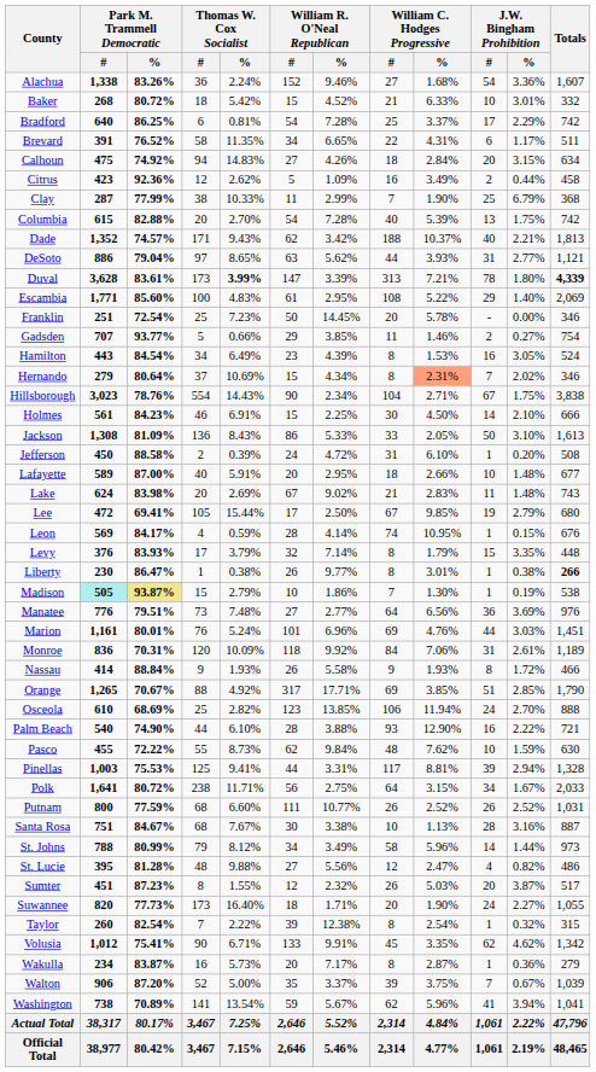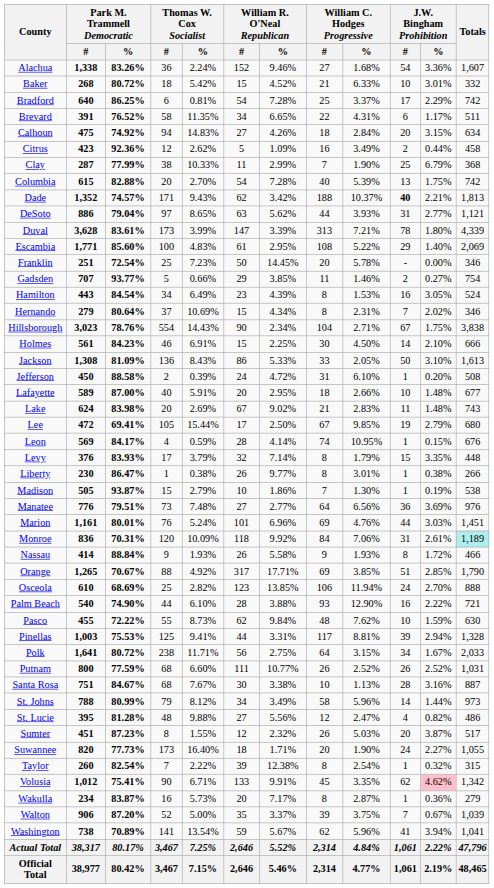 <table class="wikitable sortable" style="width:60%; text-align:center;">
 <tr>
 <th rowspan="2">County</th>
 <th colspan="2" style="text-align: center;" >Park M. Trammell <br><em>Democratic</em></th>
 <th colspan="2" style="text-align: center;" >Thomas W. Cox <br> <em>Socialist</em></th>
 <th colspan="2" style="text-align: center;" >William R. O'Neal <br> <em>Republican</em></th>
 <th colspan="2" style="text-align: center;" >William C. Hodges <br> <em>Progressive</em></th>
 <th colspan="2" style="text-align: center;" >J.W. Bingham  <br> <em>Prohibition</em></th>
 <th rowspan="2">Totals</th>
 </tr>
 <tr>
 <th colspan="1" style="text-align: center;" >#</th>
 <th colspan="1" style="text-align: center;" >%</th>
 <th colspan="1" style="text-align: center;" >#</th>
 <th colspan="1" style="text-align: center;" >%</th>
 <th colspan="1" style="text-align: center;" >#</th>
 <th colspan="1" style="text-align: center;" >%</th>
 <th colspan="1" style="text-align: center;" >#</th>
 <th colspan="1" style="text-align: center;" >%</th>
 <th colspan="1" style="text-align: center;" >#</th>
 <th colspan="1" style="text-align: center;" >%</th>
 </tr>
 <tr style="text-align:center;">
 <td><a href='#'>Alachua</a></td>
 <td><strong>1,338</strong></td>
 <td><strong>83.26%</strong></td>
 <td>36</td>
 <td>2.24%</td>
 <td>152</td>
 <td>9.46%</td>
 <td>27</td>
 <td>1.68%</td>
 <td>54</td>
 <td>3.36%</td>
 <td>1,607</td>
 </tr>
 <tr>
 <td><a href='#'>Baker</a></td>
 <td><strong>268</strong></td>
 <td><strong>80.72%</strong></td>
 <td>18</td>
 <td>5.42%</td>
 <td>15</td>
 <td>4.52%</td>
 <td>21</td>
 <td>6.33%</td>
 <td>10</td>
 <td>3.01%</td>
 <td>332</td>
 </tr>
 <tr>
 <td><a href='#'>Bradford</a></td>
 <td><strong>640</strong></td>
 <td><strong>86.25%</strong></td>
 <td>6</td>
 <td>0.81%</td>
 <td>54</td>
 <td>7.28%</td>
 <td>25</td>
 <td>3.37%</td>
 <td>17</td>
 <td>2.29%</td>
 <td>742</td>
 </tr>
 <tr>
 <td><a href='#'>Brevard</a></td>
 <td><strong>391</strong></td>
 <td><strong>76.52%</strong></td>
 <td>58</td>
 <td>11.35%</td>
 <td>34</td>
 <td>6.65%</td>
 <td>22</td>
 <td>4.31%</td>
 <td>6</td>
 <td>1.17%</td>
 <td>511</td>
 </tr>
 <tr>
 <td><a href='#'>Calhoun</a></td>
 <td><strong>475</strong></td>
 <td><strong>74.92%</strong></td>
 <td>94</td>
 <td>14.83%</td>
 <td>27</td>
 <td>4.26%</td>
 <td>18</td>
 <td>2.84%</td>
 <td>20</td>
 <td>3.15%</td>
 <td>634</td>
 </tr>
 <tr>
 <td><a href='#'>Citrus</a></td>
 <td><strong>423</strong></td>
 <td><strong>92.36%</strong></td>
 <td>12</td>
 <td>2.62%</td>
 <td>5</td>
 <td>1.09%</td>
 <td>16</td>
 <td>3.49%</td>
 <td>2</td>
 <td>0.44%</td>
 <td>458</td>
 </tr>
 <tr>
 <td><a href='#'>Clay</a></td>
 <td><strong>287</strong></td>
 <td><strong>77.99%</strong></td>
 <td>38</td>
 <td>10.33%</td>
 <td>11</td>
 <td>2.99%</td>
 <td>7</td>
 <td>1.90%</td>
 <td>25</td>
 <td>6.79%</td>
 <td>368</td>
 </tr>
 <tr>
 <td><a href='#'>Columbia</a></td>
 <td><strong>615</strong></td>
 <td><strong>82.88%</strong></td>
 <td>20</td>
 <td>2.70%</td>
 <td>54</td>
 <td>7.28%</td>
 <td>40</td>
 <td>5.39%</td>
 <td>13</td>
 <td>1.75%</td>
 <td>742</td>
 </tr>
 <tr>
 <td><a href='#'>Dade</a></td>
 <td><strong>1,352</strong></td>
 <td><strong>74.57%</strong></td>
 <td>171</td>
 <td>9.43%</td>
 <td>62</td>
 <td>3.42%</td>
 <td>188</td>
 <td>10.37%</td>
-<td>40</td>
+<td><strong>40</strong></td>
 <td>2.21%</td>
 <td>1,813</td>
 </tr>
 <tr>
 <td><a href='#'>DeSoto</a></td>
 <td><strong>886</strong></td>
 <td><strong>79.04%</strong></td>
 <td>97</td>
 <td>8.65%</td>
 <td>63</td>
 <td>5.62%</td>
 <td>44</td>
 <td>3.93%</td>
 <td>31</td>
 <td>2.77%</td>
 <td>1,121</td>
 </tr>
 <tr>
 <td><a href='#'>Duval</a></td>
 <td><strong>3,628</strong></td>
 <td><strong>83.61%</strong></td>
 <td>173</td>
-<td><strong>3.99%</strong></td>
+<td>3.99%</td>
 <td>147</td>
 <td>3.39%</td>
 <td>313</td>
 <td>7.21%</td>
 <td>78</td>
 <td>1.80%</td>
-<td><strong>4,339</strong></td>
+<td>4,339</td>
 </tr>
 <tr>
 <td><a href='#'>Escambia</a></td>
 <td><strong>1,771</strong></td>
 <td><strong>85.60%</strong></td>
 <td>100</td>
 <td>4.83%</td>
 <td>61</td>
 <td>2.95%</td>
 <td>108</td>
 <td>5.22%</td>
 <td>29</td>
 <td>1.40%</td>
 <td>2,069</td>
 </tr>
 <tr>
 <td><a href='#'>Franklin</a></td>
 <td><strong>251</strong></td>
 <td><strong>72.54%</strong></td>
 <td>25</td>
 <td>7.23%</td>
 <td>50</td>
 <td>14.45%</td>
 <td>20</td>
 <td>5.78%</td>
 <td>-</td>
 <td>0.00%</td>
 <td>346</td>
 </tr>
 <tr>
 <td><a href='#'>Gadsden</a></td>
 <td><strong>707</strong></td>
 <td><strong>93.77%</strong></td>
 <td>5</td>
 <td>0.66%</td>
 <td>29</td>
 <td>3.85%</td>
 <td>11</td>
 <td>1.46%</td>
 <td>2</td>
 <td>0.27%</td>
 <td>754</td>
 </tr>
 <tr>
 <td><a href='#'>Hamilton</a></td>
 <td><strong>443</strong></td>
 <td><strong>84.54%</strong></td>
 <td>34</td>
 <td>6.49%</td>
 <td>23</td>
 <td>4.39%</td>
 <td>8</td>
 <td>1.53%</td>
 <td>16</td>
 <td>3.05%</td>
 <td>524</td>
 </tr>
 <tr>
 <td><a href='#'>Hernando</a></td>
 <td><strong>279</strong></td>
 <td><strong>80.64%</strong></td>
 <td>37</td>
 <td>10.69%</td>
 <td>15</td>
 <td>4.34%</td>
 <td>8</td>
-<td style="background: lightsalmon;">2.31%</td>
+<td>2.31%</td>
 <td>7</td>
 <td>2.02%</td>
 <td>346</td>
 </tr>
 <tr>
 <td><a href='#'>Hillsborough</a></td>
 <td><strong>3,023</strong></td>
 <td><strong>78.76%</strong></td>
 <td>554</td>
 <td>14.43%</td>
 <td>90</td>
 <td>2.34%</td>
 <td>104</td>
 <td>2.71%</td>
 <td>67</td>
 <td>1.75%</td>
 <td>3,838</td>
 </tr>
 <tr>
 <td><a href='#'>Holmes</a></td>
 <td><strong>561</strong></td>
 <td><strong>84.23%</strong></td>
 <td>46</td>
 <td>6.91%</td>
 <td>15</td>
 <td>2.25%</td>
 <td>30</td>
 <td>4.50%</td>
 <td>14</td>
 <td>2.10%</td>
 <td>666</td>
 </tr>
 <tr>
 <td><a href='#'>Jackson</a></td>
 <td><strong>1,308</strong></td>
 <td><strong>81.09%</strong></td>
 <td>136</td>
 <td>8.43%</td>
 <td>86</td>
 <td>5.33%</td>
 <td>33</td>
 <td>2.05%</td>
 <td>50</td>
 <td>3.10%</td>
 <td>1,613</td>
 </tr>
 <tr>
 <td><a href='#'>Jefferson</a></td>
 <td><strong>450</strong></td>
 <td><strong>88.58%</strong></td>
 <td>2</td>
 <td>0.39%</td>
 <td>24</td>
 <td>4.72%</td>
 <td>31</td>
 <td>6.10%</td>
 <td>1</td>
 <td>0.20%</td>
 <td>508</td>
 </tr>
 <tr>
 <td><a href='#'>Lafayette</a></td>
 <td><strong>589</strong></td>
 <td><strong>87.00%</strong></td>
 <td>40</td>
 <td>5.91%</td>
 <td>20</td>
 <td>2.95%</td>
 <td>18</td>
 <td>2.66%</td>
 <td>10</td>
 <td>1.48%</td>
 <td>677</td>
 </tr>
 <tr>
 <td><a href='#'>Lake</a></td>
 <td><strong>624</strong></td>
 <td><strong>83.98%</strong></td>
 <td>20</td>
 <td>2.69%</td>
 <td>67</td>
 <td>9.02%</td>
 <td>21</td>
 <td>2.83%</td>
 <td>11</td>
 <td>1.48%</td>
 <td>743</td>
 </tr>
 <tr>
 <td><a href='#'>Lee</a></td>
 <td><strong>472</strong></td>
 <td><strong>69.41%</strong></td>
 <td>105</td>
 <td>15.44%</td>
 <td>17</td>
 <td>2.50%</td>
 <td>67</td>
 <td>9.85%</td>
 <td>19</td>
 <td>2.79%</td>
 <td>680</td>
 </tr>
 <tr>
 <td><a href='#'>Leon</a></td>
 <td><strong>569</strong></td>
 <td><strong>84.17%</strong></td>
 <td>4</td>
 <td>0.59%</td>
 <td>28</td>
 <td>4.14%</td>
 <td>74</td>
 <td>10.95%</td>
 <td>1</td>
 <td>0.15%</td>
 <td>676</td>
 </tr>
 <tr>
 <td><a href='#'>Levy</a></td>
 <td><strong>376</strong></td>
 <td><strong>83.93%</strong></td>
 <td>17</td>
 <td>3.79%</td>
 <td>32</td>
 <td>7.14%</td>
 <td>8</td>
 <td>1.79%</td>
 <td>15</td>
 <td>3.35%</td>
 <td>448</td>
 </tr>
 <tr>
 <td><a href='#'>Liberty</a></td>
 <td><strong>230</strong></td>
 <td><strong>86.47%</strong></td>
 <td>1</td>
 <td>0.38%</td>
 <td>26</td>
 <td>9.77%</td>
 <td>8</td>
 <td>3.01%</td>
 <td>1</td>
 <td>0.38%</td>
-<td><strong>266</strong></td>
+<td>266</td>
 </tr>
 <tr>
 <td><a href='#'>Madison</a></td>
-<td style="background: paleturquoise;"><strong>505</strong></td>
-<td style="background: khaki;"><strong>93.87%</strong></td>
+<td><strong>505</strong></td>
+<td><strong>93.87%</strong></td>
 <td>15</td>
 <td>2.79%</td>
 <td>10</td>
 <td>1.86%</td>
 <td>7</td>
 <td>1.30%</td>
 <td>1</td>
 <td>0.19%</td>
 <td>538</td>
 </tr>
 <tr>
 <td><a href='#'>Manatee</a></td>
 <td><strong>776</strong></td>
 <td><strong>79.51%</strong></td>
 <td>73</td>
 <td>7.48%</td>
 <td>27</td>
 <td>2.77%</td>
 <td>64</td>
 <td>6.56%</td>
 <td>36</td>
 <td>3.69%</td>
 <td>976</td>
 </tr>
 <tr>
 <td><a href='#'>Marion</a></td>
 <td><strong>1,161</strong></td>
 <td><strong>80.01%</strong></td>
 <td>76</td>
 <td>5.24%</td>
 <td>101</td>
 <td>6.96%</td>
 <td>69</td>
 <td>4.76%</td>
 <td>44</td>
 <td>3.03%</td>
 <td>1,451</td>
 </tr>
 <tr>
 <td><a href='#'>Monroe</a></td>
 <td><strong>836</strong></td>
 <td><strong>70.31%</strong></td>
 <td>120</td>
 <td>10.09%</td>
 <td>118</td>
 <td>9.92%</td>
 <td>84</td>
 <td>7.06%</td>
 <td>31</td>
 <td>2.61%</td>
-<td>1,189</td>
+<td style="background: paleturquoise;">1,189</td>
 </tr>
 <tr>
 <td><a href='#'>Nassau</a></td>
 <td><strong>414</strong></td>
 <td><strong>88.84%</strong></td>
 <td>9</td>
 <td>1.93%</td>
 <td>26</td>
 <td>5.58%</td>
 <td>9</td>
 <td>1.93%</td>
 <td>8</td>
 <td>1.72%</td>
 <td>466</td>
 </tr>
 <tr>
 <td><a href='#'>Orange</a></td>
 <td><strong>1,265</strong></td>
 <td><strong>70.67%</strong></td>
 <td>88</td>
 <td>4.92%</td>
 <td>317</td>
 <td>17.71%</td>
 <td>69</td>
 <td>3.85%</td>
 <td>51</td>
 <td>2.85%</td>
 <td>1,790</td>
 </tr>
 <tr>
 <td><a href='#'>Osceola</a></td>
 <td><strong>610</strong></td>
 <td><strong>68.69%</strong></td>
 <td>25</td>
 <td>2.82%</td>
 <td>123</td>
 <td>13.85%</td>
 <td>106</td>
 <td>11.94%</td>
 <td>24</td>
 <td>2.70%</td>
 <td>888</td>
 </tr>
 <tr>
 <td><a href='#'>Palm Beach</a></td>
 <td><strong>540</strong></td>
 <td><strong>74.90%</strong></td>
 <td>44</td>
 <td>6.10%</td>
 <td>28</td>
 <td>3.88%</td>
 <td>93</td>
 <td>12.90%</td>
 <td>16</td>
 <td>2.22%</td>
 <td>721</td>
 </tr>
 <tr>
 <td><a href='#'>Pasco</a></td>
 <td><strong>455</strong></td>
 <td><strong>72.22%</strong></td>
 <td>55</td>
 <td>8.73%</td>
 <td>62</td>
 <td>9.84%</td>
 <td>48</td>
 <td>7.62%</td>
 <td>10</td>
 <td>1.59%</td>
 <td>630</td>
 </tr>
 <tr>
 <td><a href='#'>Pinellas</a></td>
 <td><strong>1,003</strong></td>
 <td><strong>75.53%</strong></td>
 <td>125</td>
 <td>9.41%</td>
 <td>44</td>
 <td>3.31%</td>
 <td>117</td>
 <td>8.81%</td>
 <td>39</td>
 <td>2.94%</td>
 <td>1,328</td>
 </tr>
 <tr>
 <td><a href='#'>Polk</a></td>
 <td><strong>1,641</strong></td>
 <td><strong>80.72%</strong></td>
 <td>238</td>
 <td>11.71%</td>
 <td>56</td>
 <td>2.75%</td>
 <td>64</td>
 <td>3.15%</td>
 <td>34</td>
 <td>1.67%</td>
 <td>2,033</td>
 </tr>
 <tr>
 <td><a href='#'>Putnam</a></td>
 <td><strong>800</strong></td>
 <td><strong>77.59%</strong></td>
 <td>68</td>
 <td>6.60%</td>
 <td>111</td>
 <td>10.77%</td>
 <td>26</td>
 <td>2.52%</td>
 <td>26</td>
 <td>2.52%</td>
 <td>1,031</td>
 </tr>
 <tr>
 <td><a href='#'>Santa Rosa</a></td>
 <td><strong>751</strong></td>
 <td><strong>84.67%</strong></td>
 <td>68</td>
 <td>7.67%</td>
 <td>30</td>
 <td>3.38%</td>
 <td>10</td>
 <td>1.13%</td>
 <td>28</td>
 <td>3.16%</td>
 <td>887</td>
 </tr>
 <tr>
 <td><a href='#'>St. Johns</a></td>
 <td><strong>788</strong></td>
 <td><strong>80.99%</strong></td>
 <td>79</td>
 <td>8.12%</td>
 <td>34</td>
 <td>3.49%</td>
 <td>58</td>
 <td>5.96%</td>
 <td>14</td>
 <td>1.44%</td>
 <td>973</td>
 </tr>
 <tr>
 <td><a href='#'>St. Lucie</a></td>
 <td><strong>395</strong></td>
 <td><strong>81.28%</strong></td>
 <td>48</td>
 <td>9.88%</td>
 <td>27</td>
 <td>5.56%</td>
 <td>12</td>
 <td>2.47%</td>
 <td>4</td>
 <td>0.82%</td>
 <td>486</td>
 </tr>
 <tr>
 <td><a href='#'>Sumter</a></td>
 <td><strong>451</strong></td>
 <td><strong>87.23%</strong></td>
 <td>8</td>
 <td>1.55%</td>
 <td>12</td>
 <td>2.32%</td>
 <td>26</td>
 <td>5.03%</td>
 <td>20</td>
 <td>3.87%</td>
 <td>517</td>
 </tr>
 <tr>
 <td><a href='#'>Suwannee</a></td>
 <td><strong>820</strong></td>
 <td><strong>77.73%</strong></td>
 <td>173</td>
 <td>16.40%</td>
 <td>18</td>
 <td>1.71%</td>
 <td>20</td>
 <td>1.90%</td>
 <td>24</td>
 <td>2.27%</td>
 <td>1,055</td>
 </tr>
 <tr>
 <td><a href='#'>Taylor</a></td>
 <td><strong>260</strong></td>
 <td><strong>82.54%</strong></td>
 <td>7</td>
 <td>2.22%</td>
 <td>39</td>
 <td>12.38%</td>
 <td>8</td>
 <td>2.54%</td>
 <td>1</td>
 <td>0.32%</td>
 <td>315</td>
 </tr>
 <tr>
 <td><a href='#'>Volusia</a></td>
 <td><strong>1,012</strong></td>
 <td><strong>75.41%</strong></td>
 <td>90</td>
 <td>6.71%</td>
 <td>133</td>
 <td>9.91%</td>
 <td>45</td>
 <td>3.35%</td>
 <td>62</td>
-<td>4.62%</td>
+<td style="background: pink;">4.62%</td>
 <td>1,342</td>
 </tr>
 <tr>
 <td><a href='#'>Wakulla</a></td>
 <td><strong>234</strong></td>
 <td><strong>83.87%</strong></td>
 <td>16</td>
 <td>5.73%</td>
 <td>20</td>
 <td>7.17%</td>
 <td>8</td>
 <td>2.87%</td>
 <td>1</td>
 <td>0.36%</td>
 <td>279</td>
 </tr>
 <tr>
 <td><a href='#'>Walton</a></td>
 <td><strong>906</strong></td>
 <td><strong>87.20%</strong></td>
 <td>52</td>
 <td>5.00%</td>
 <td>35</td>
 <td>3.37%</td>
 <td>39</td>
 <td>3.75%</td>
 <td>7</td>
 <td>0.67%</td>
 <td>1,039</td>
 </tr>
 <tr>
 <td><a href='#'>Washington</a></td>
 <td><strong>738</strong></td>
 <td><strong>70.89%</strong></td>
 <td>141</td>
 <td>13.54%</td>
 <td>59</td>
 <td>5.67%</td>
 <td>62</td>
 <td>5.96%</td>
 <td>41</td>
 <td>3.94%</td>
 <td>1,041</td>
 </tr>
 <tr>
 <th><strong><em>Actual Total</em></strong></th>
 <th><em>38,317</em></th>
 <th><em>80.17%</em></th>
 <th><em>3,467</em></th>
 <th><em>7.25%</em></th>
 <th><em>2,646</em></th>
 <th><em>5.52%</em></th>
 <th><em>2,314</em></th>
 <th><em>4.84%</em></th>
 <th><em>1,061</em></th>
 <th><em>2.22%</em></th>
 <th><em>47,796</em></th>
 </tr>
 <tr>
 <th><strong>Official Total</strong></th>
 <th>38,977</th>
 <th>80.42%</th>
 <th>3,467</th>
 <th>7.15%</th>
 <th>2,646</th>
 <th>5.46%</th>
 <th>2,314</th>
 <th>4.77%</th>
 <th>1,061</th>
 <th>2.19%</th>
 <th>48,465</th>
 </tr>
 </table>
